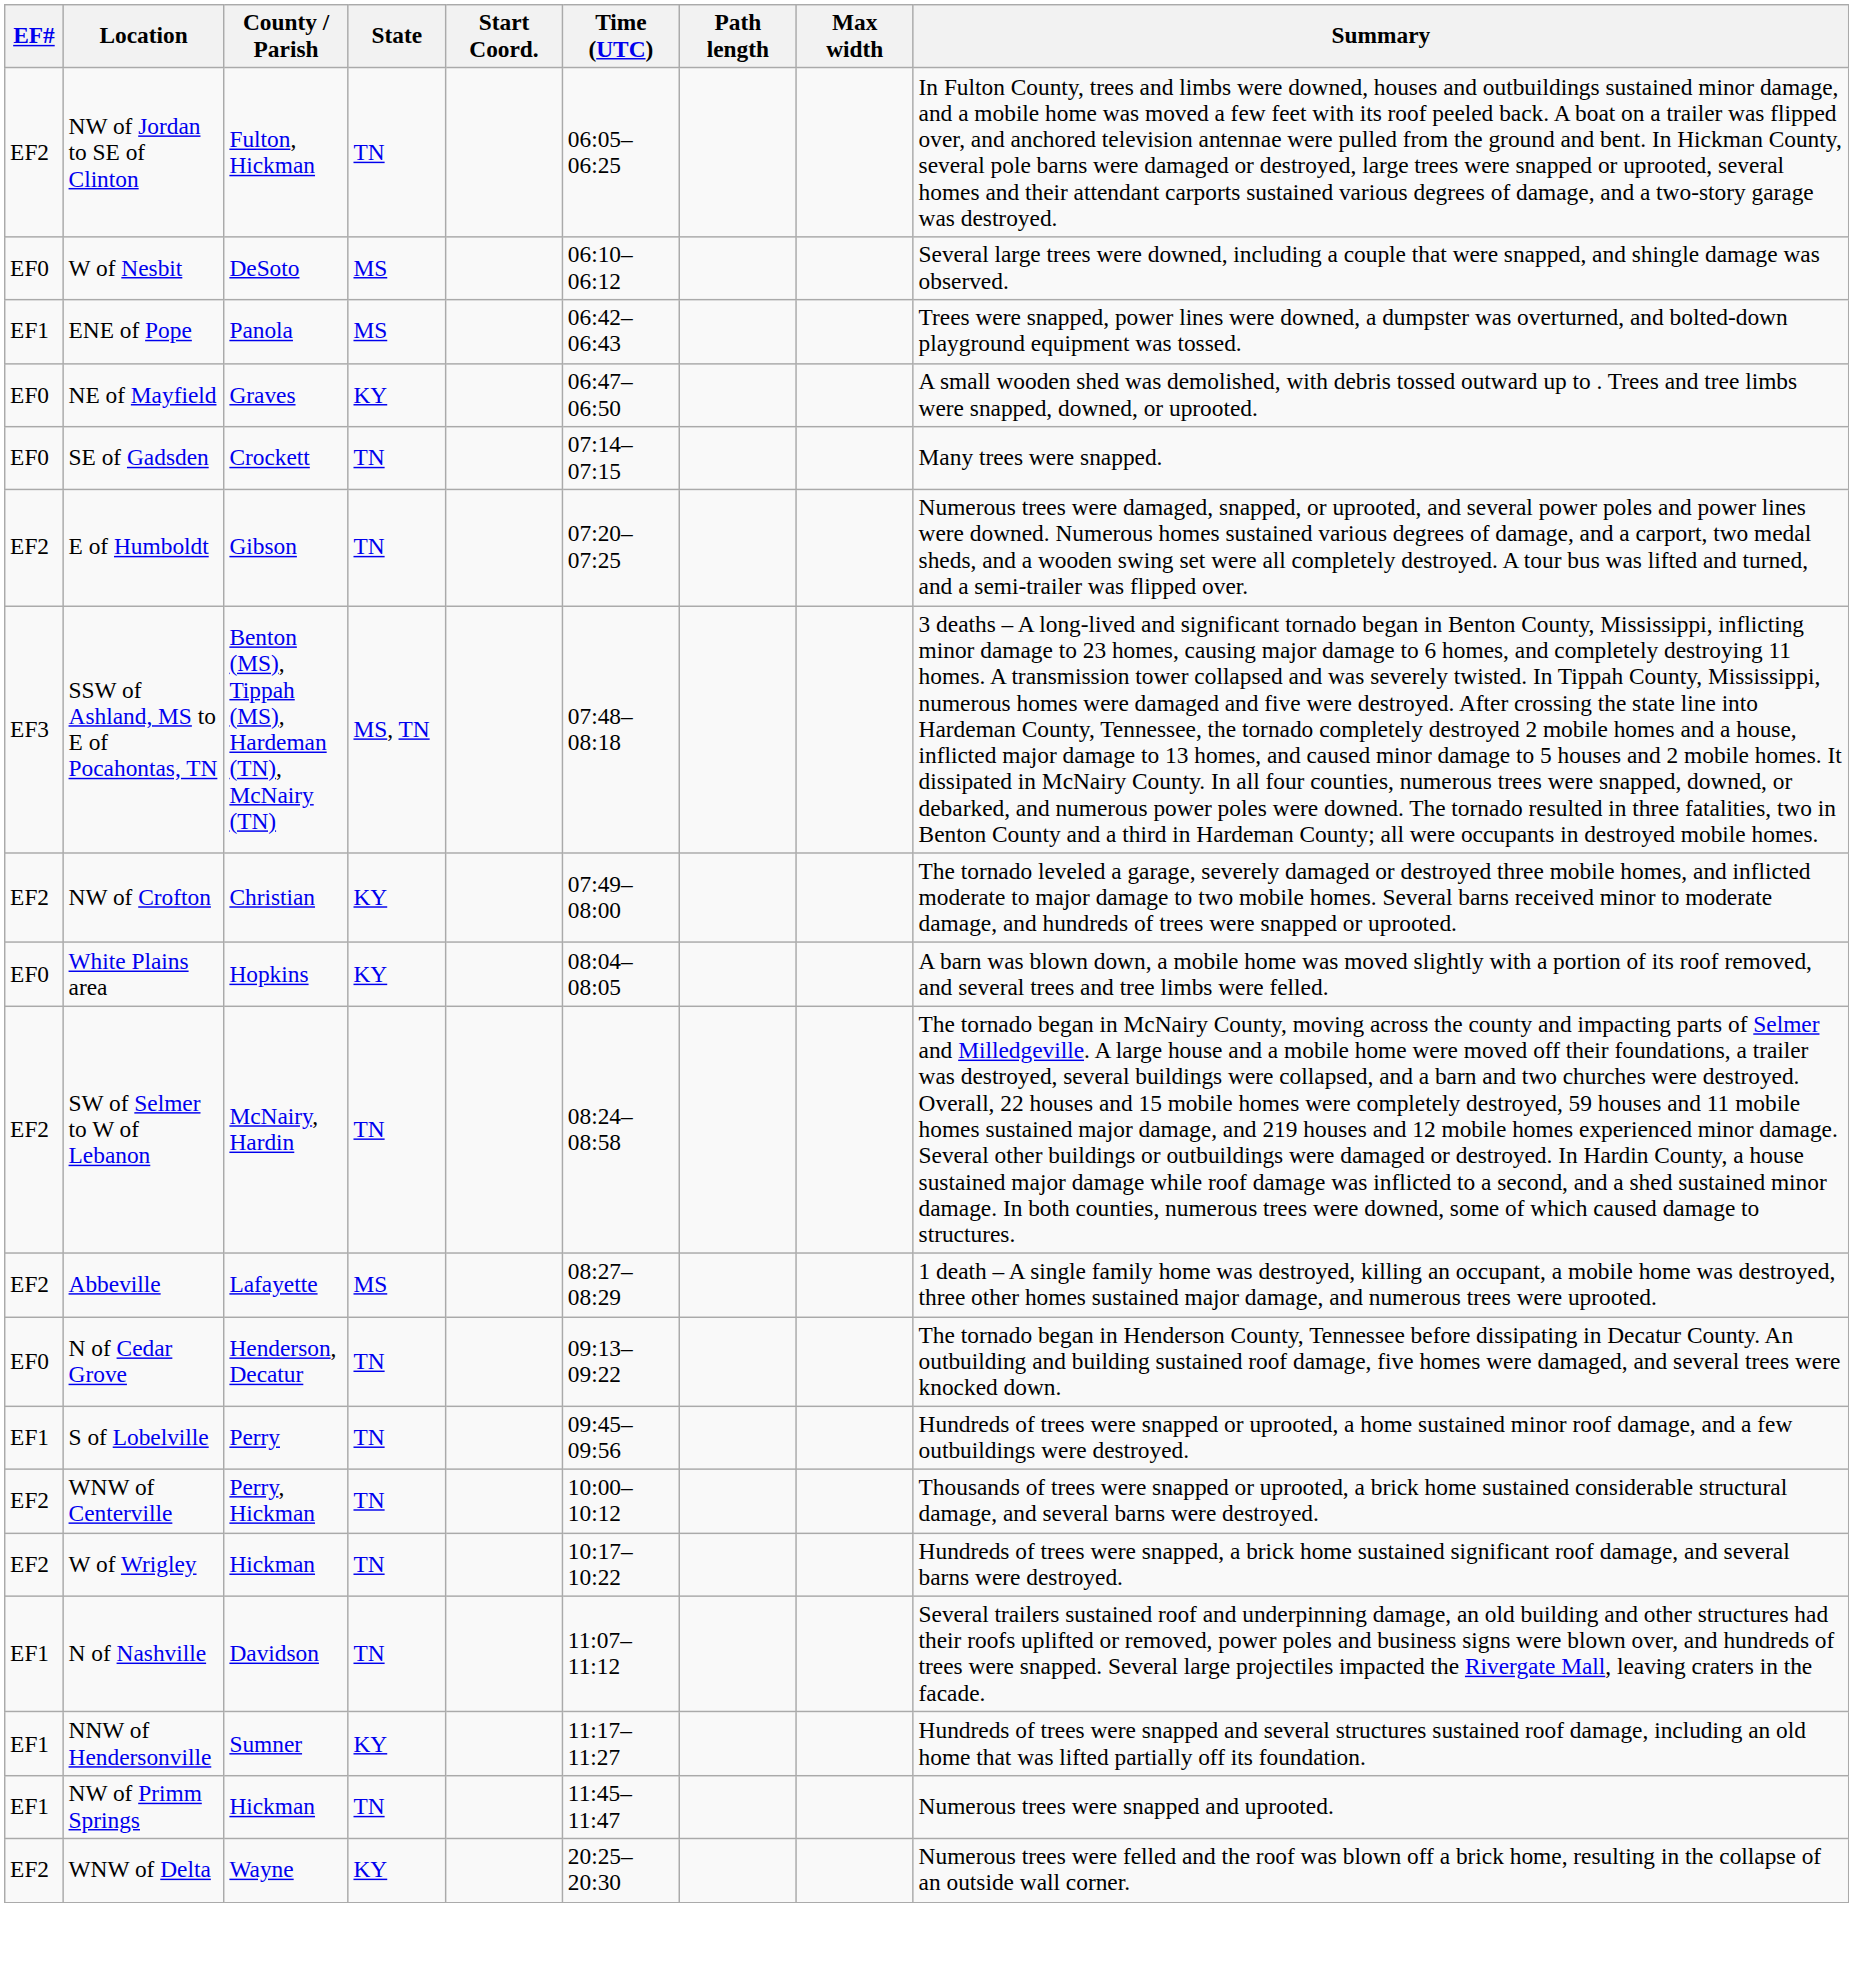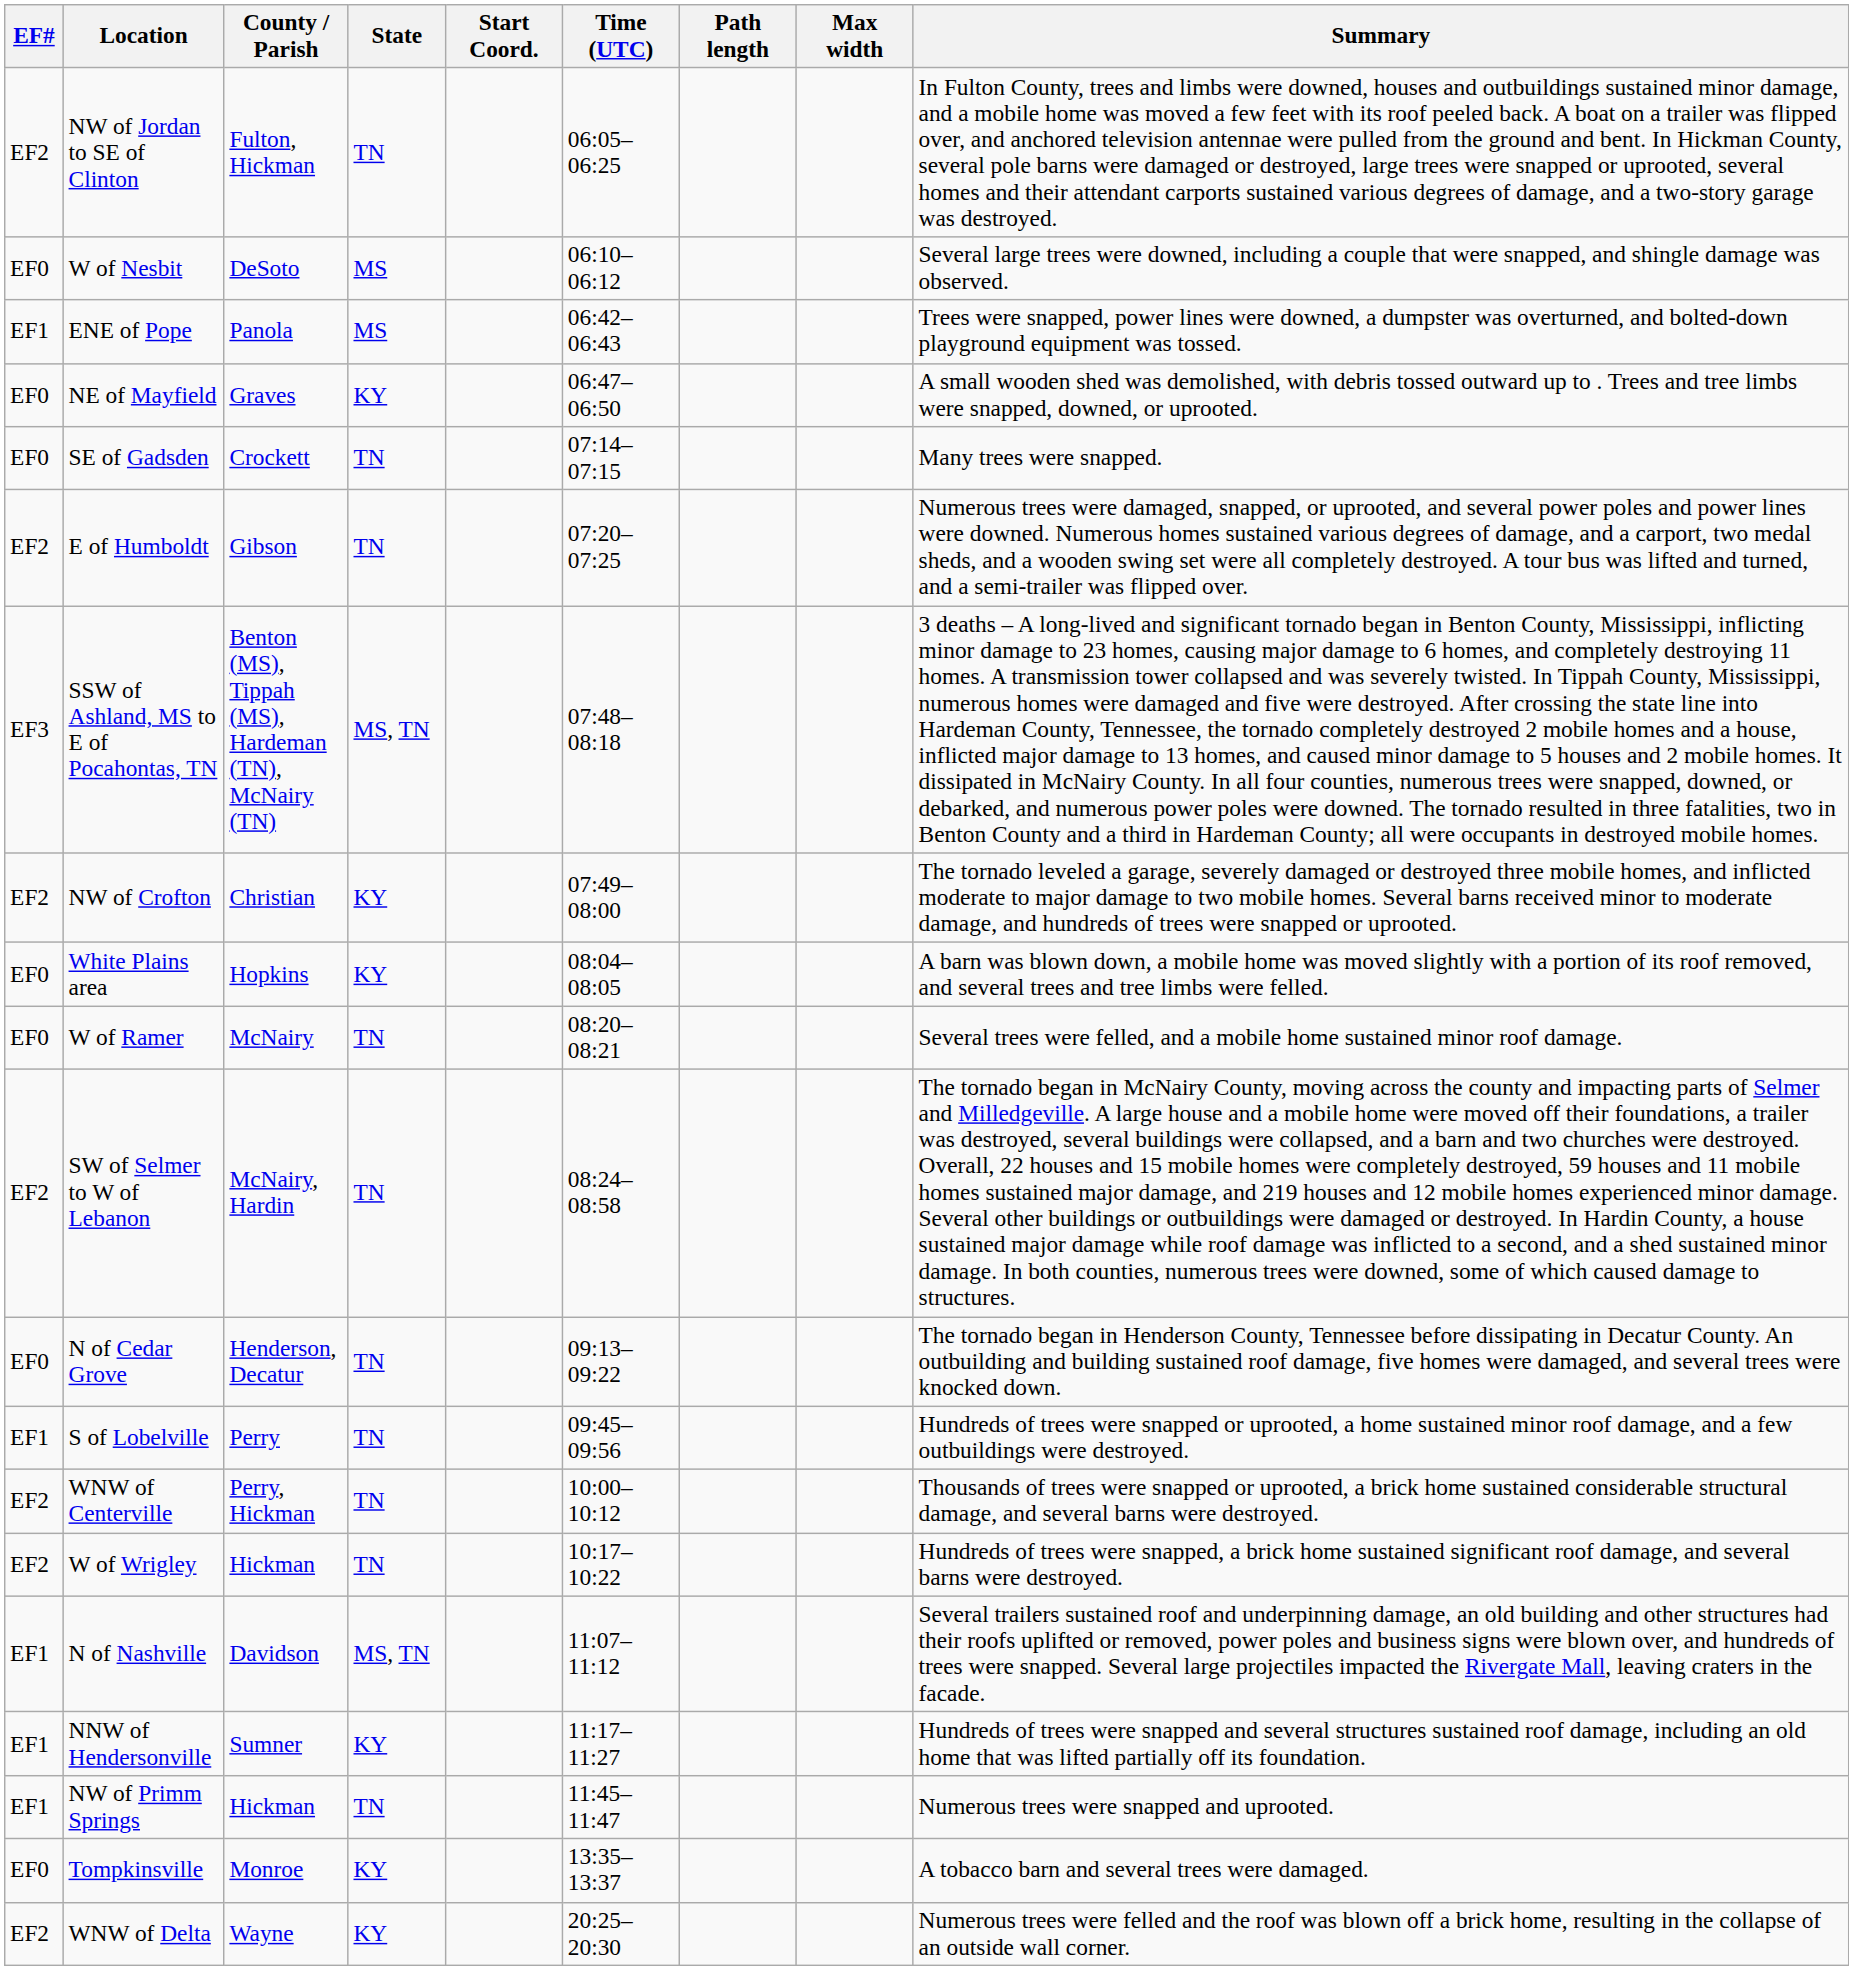 <table class="wikitable sortable" style="width:100%;">
 <tr>
 <th scope="col" width="3%" align="center"><a href='#'>EF#</a></th>
 <th scope="col" width="7%" align="center" class="unsortable">Location</th>
 <th scope="col" width="6%" align="center" class="unsortable">County / Parish</th>
 <th scope="col" width="5%" align="center">State</th>
 <th scope="col" width="6%" align="center">Start Coord.</th>
 <th scope="col" width="6%" align="center">Time (<a href='#'>UTC</a>)</th>
 <th scope="col" width="6%" align="center">Path length</th>
 <th scope="col" width="6%" align="center">Max width</th>
 <th scope="col" width="48%" class="unsortable" align="center">Summary</th>
 </tr>
 <tr>
 <td>EF2</td>
 <td>NW of <a href='#'>Jordan</a> to SE of <a href='#'>Clinton</a></td>
 <td><a href='#'>Fulton</a>, <a href='#'>Hickman</a></td>
 <td><a href='#'>TN</a></td>
 <td></td>
 <td>06:05–06:25</td>
 <td></td>
 <td></td>
 <td>In Fulton County, trees and limbs were downed, houses and outbuildings sustained minor damage, and a mobile home was moved a few feet with its roof peeled back. A boat on a trailer was flipped over, and anchored television antennae were pulled from the ground and bent. In Hickman County, several pole barns were damaged or destroyed, large trees were snapped or uprooted, several homes and their attendant carports sustained various degrees of damage, and a two-story garage was destroyed.</td>
 </tr>
 <tr>
 <td>EF0</td>
 <td>W of <a href='#'>Nesbit</a></td>
 <td><a href='#'>DeSoto</a></td>
 <td><a href='#'>MS</a></td>
 <td></td>
 <td>06:10–06:12</td>
 <td></td>
 <td></td>
 <td>Several large trees were downed, including a couple that were snapped, and shingle damage was observed.</td>
 </tr>
 <tr>
 <td>EF1</td>
 <td>ENE of <a href='#'>Pope</a></td>
 <td><a href='#'>Panola</a></td>
 <td><a href='#'>MS</a></td>
 <td></td>
 <td>06:42–06:43</td>
 <td></td>
 <td></td>
 <td>Trees were snapped, power lines were downed, a dumpster was overturned, and bolted-down playground equipment was tossed.</td>
 </tr>
 <tr>
 <td>EF0</td>
 <td>NE of <a href='#'>Mayfield</a></td>
 <td><a href='#'>Graves</a></td>
 <td><a href='#'>KY</a></td>
 <td></td>
 <td>06:47–06:50</td>
 <td></td>
 <td></td>
 <td>A small wooden shed was demolished, with debris tossed outward up to . Trees and tree limbs were snapped, downed, or uprooted.</td>
 </tr>
 <tr>
 <td>EF0</td>
 <td>SE of <a href='#'>Gadsden</a></td>
 <td><a href='#'>Crockett</a></td>
 <td><a href='#'>TN</a></td>
 <td></td>
 <td>07:14–07:15</td>
 <td></td>
 <td></td>
 <td>Many trees were snapped.</td>
 </tr>
 <tr>
 <td>EF2</td>
 <td>E of <a href='#'>Humboldt</a></td>
 <td><a href='#'>Gibson</a></td>
 <td><a href='#'>TN</a></td>
 <td></td>
 <td>07:20–07:25</td>
 <td></td>
 <td></td>
 <td>Numerous trees were damaged, snapped, or uprooted, and several power poles and power lines were downed. Numerous homes sustained various degrees of damage, and a carport, two medal sheds, and a wooden swing set were all completely destroyed. A tour bus was lifted and turned, and a semi-trailer was flipped over.</td>
 </tr>
 <tr>
 <td>EF3</td>
 <td>SSW of <a href='#'>Ashland, MS</a> to E of <a href='#'>Pocahontas, TN</a></td>
 <td><a href='#'>Benton (MS)</a>, <a href='#'>Tippah (MS)</a>, <a href='#'>Hardeman (TN)</a>, <a href='#'>McNairy (TN)</a></td>
 <td><a href='#'>MS</a>, <a href='#'>TN</a></td>
 <td></td>
 <td>07:48–08:18</td>
 <td></td>
 <td></td>
 <td>3 deaths – A long-lived and significant tornado began in Benton County, Mississippi, inflicting minor damage to 23 homes, causing major damage to 6 homes, and completely destroying 11 homes. A transmission tower collapsed and was severely twisted. In Tippah County, Mississippi, numerous homes were damaged and five were destroyed. After crossing the state line into Hardeman County, Tennessee, the tornado completely destroyed 2 mobile homes and a house, inflicted major damage to 13 homes, and caused minor damage to 5 houses and 2 mobile homes. It dissipated in McNairy County. In all four counties, numerous trees were snapped, downed, or debarked, and numerous power poles were downed. The tornado resulted in three fatalities, two in Benton County and a third in Hardeman County; all were occupants in destroyed mobile homes.</td>
 </tr>
 <tr>
 <td>EF2</td>
 <td>NW of <a href='#'>Crofton</a></td>
 <td><a href='#'>Christian</a></td>
 <td><a href='#'>KY</a></td>
 <td></td>
 <td>07:49–08:00</td>
 <td></td>
 <td></td>
 <td>The tornado leveled a garage, severely damaged or destroyed three mobile homes, and inflicted moderate to major damage to two mobile homes. Several barns received minor to moderate damage, and hundreds of trees were snapped or uprooted.</td>
 </tr>
 <tr>
 <td>EF0</td>
 <td><a href='#'>White Plains</a> area</td>
 <td><a href='#'>Hopkins</a></td>
 <td><a href='#'>KY</a></td>
 <td></td>
 <td>08:04–08:05</td>
 <td></td>
 <td></td>
 <td>A barn was blown down, a mobile home was moved slightly with a portion of its roof removed, and several trees and tree limbs were felled.</td>
 </tr>
 <tr>
+<td>EF0</td>
+<td>W of <a href='#'>Ramer</a></td>
+<td><a href='#'>McNairy</a></td>
+<td><a href='#'>TN</a></td>
+<td></td>
+<td>08:20–08:21</td>
+<td></td>
+<td></td>
+<td>Several trees were felled, and a mobile home sustained minor roof damage.</td>
+</tr>
+<tr>
 <td>EF2</td>
 <td>SW of <a href='#'>Selmer</a> to W of <a href='#'>Lebanon</a></td>
 <td><a href='#'>McNairy</a>, <a href='#'>Hardin</a></td>
 <td><a href='#'>TN</a></td>
 <td></td>
 <td>08:24–08:58</td>
 <td></td>
 <td></td>
 <td>The tornado began in McNairy County, moving across the county and impacting parts of <a href='#'>Selmer</a> and <a href='#'>Milledgeville</a>. A large house and a mobile home were moved off their foundations, a trailer was destroyed, several buildings were collapsed, and a barn and two churches were destroyed. Overall, 22 houses and 15 mobile homes were completely destroyed, 59 houses and 11 mobile homes sustained major damage, and 219 houses and 12 mobile homes experienced minor damage. Several other buildings or outbuildings were damaged or destroyed. In Hardin County, a house sustained major damage while roof damage was inflicted to a second, and a shed sustained minor damage. In both counties, numerous trees were downed, some of which caused damage to structures.</td>
-</tr>
-<tr>
-<td>EF2</td>
-<td><a href='#'>Abbeville</a></td>
-<td><a href='#'>Lafayette</a></td>
-<td><a href='#'>MS</a></td>
-<td></td>
-<td>08:27–08:29</td>
-<td></td>
-<td></td>
-<td>1 death – A single family home was destroyed, killing an occupant, a mobile home was destroyed, three other homes sustained major damage, and numerous trees were uprooted.</td>
 </tr>
 <tr>
 <td>EF0</td>
 <td>N of <a href='#'>Cedar Grove</a></td>
 <td><a href='#'>Henderson</a>, <a href='#'>Decatur</a></td>
 <td><a href='#'>TN</a></td>
 <td></td>
 <td>09:13–09:22</td>
 <td></td>
 <td></td>
 <td>The tornado began in Henderson County, Tennessee before dissipating in Decatur County. An outbuilding and building sustained roof damage, five homes were damaged, and several trees were knocked down.</td>
 </tr>
 <tr>
 <td>EF1</td>
 <td>S of <a href='#'>Lobelville</a></td>
 <td><a href='#'>Perry</a></td>
 <td><a href='#'>TN</a></td>
 <td></td>
 <td>09:45–09:56</td>
 <td></td>
 <td></td>
 <td>Hundreds of trees were snapped or uprooted, a home sustained minor roof damage, and a few outbuildings were destroyed.</td>
 </tr>
 <tr>
 <td>EF2</td>
 <td>WNW of <a href='#'>Centerville</a></td>
 <td><a href='#'>Perry</a>, <a href='#'>Hickman</a></td>
 <td><a href='#'>TN</a></td>
 <td></td>
 <td>10:00–10:12</td>
 <td></td>
 <td></td>
 <td>Thousands of trees were snapped or uprooted, a brick home sustained considerable structural damage, and several barns were destroyed.</td>
 </tr>
 <tr>
 <td>EF2</td>
 <td>W of <a href='#'>Wrigley</a></td>
 <td><a href='#'>Hickman</a></td>
 <td><a href='#'>TN</a></td>
 <td></td>
 <td>10:17–10:22</td>
 <td></td>
 <td></td>
 <td>Hundreds of trees were snapped, a brick home sustained significant roof damage, and several barns were destroyed.</td>
 </tr>
 <tr>
 <td>EF1</td>
 <td>N of <a href='#'>Nashville</a></td>
 <td><a href='#'>Davidson</a></td>
-<td><a href='#'>TN</a></td>
+<td><a href='#'>MS</a>, <a href='#'>TN</a></td>
 <td></td>
 <td>11:07–11:12</td>
 <td></td>
 <td></td>
 <td>Several trailers sustained roof and underpinning damage, an old building and other structures had their roofs uplifted or removed, power poles and business signs were blown over, and hundreds of trees were snapped. Several large projectiles impacted the <a href='#'>Rivergate Mall</a>, leaving craters in the facade.</td>
 </tr>
 <tr>
 <td>EF1</td>
 <td>NNW of <a href='#'>Hendersonville</a></td>
 <td><a href='#'>Sumner</a></td>
 <td><a href='#'>KY</a></td>
 <td></td>
 <td>11:17–11:27</td>
 <td></td>
 <td></td>
 <td>Hundreds of trees were snapped and several structures sustained roof damage, including an old home that was lifted partially off its foundation.</td>
 </tr>
 <tr>
 <td>EF1</td>
 <td>NW of <a href='#'>Primm Springs</a></td>
 <td><a href='#'>Hickman</a></td>
 <td><a href='#'>TN</a></td>
 <td></td>
 <td>11:45–11:47</td>
 <td></td>
 <td></td>
 <td>Numerous trees were snapped and uprooted.</td>
 </tr>
 <tr>
+<td>EF0</td>
+<td><a href='#'>Tompkinsville</a></td>
+<td><a href='#'>Monroe</a></td>
+<td><a href='#'>KY</a></td>
+<td></td>
+<td>13:35–13:37</td>
+<td></td>
+<td></td>
+<td>A tobacco barn and several trees were damaged.</td>
+</tr>
+<tr>
 <td>EF2</td>
 <td>WNW of <a href='#'>Delta</a></td>
 <td><a href='#'>Wayne</a></td>
 <td><a href='#'>KY</a></td>
 <td></td>
 <td>20:25–20:30</td>
 <td></td>
 <td></td>
 <td>Numerous trees were felled and the roof was blown off a brick home, resulting in the collapse of an outside wall corner.</td>
 </tr>
 <tr>
 </tr>
 </table>
